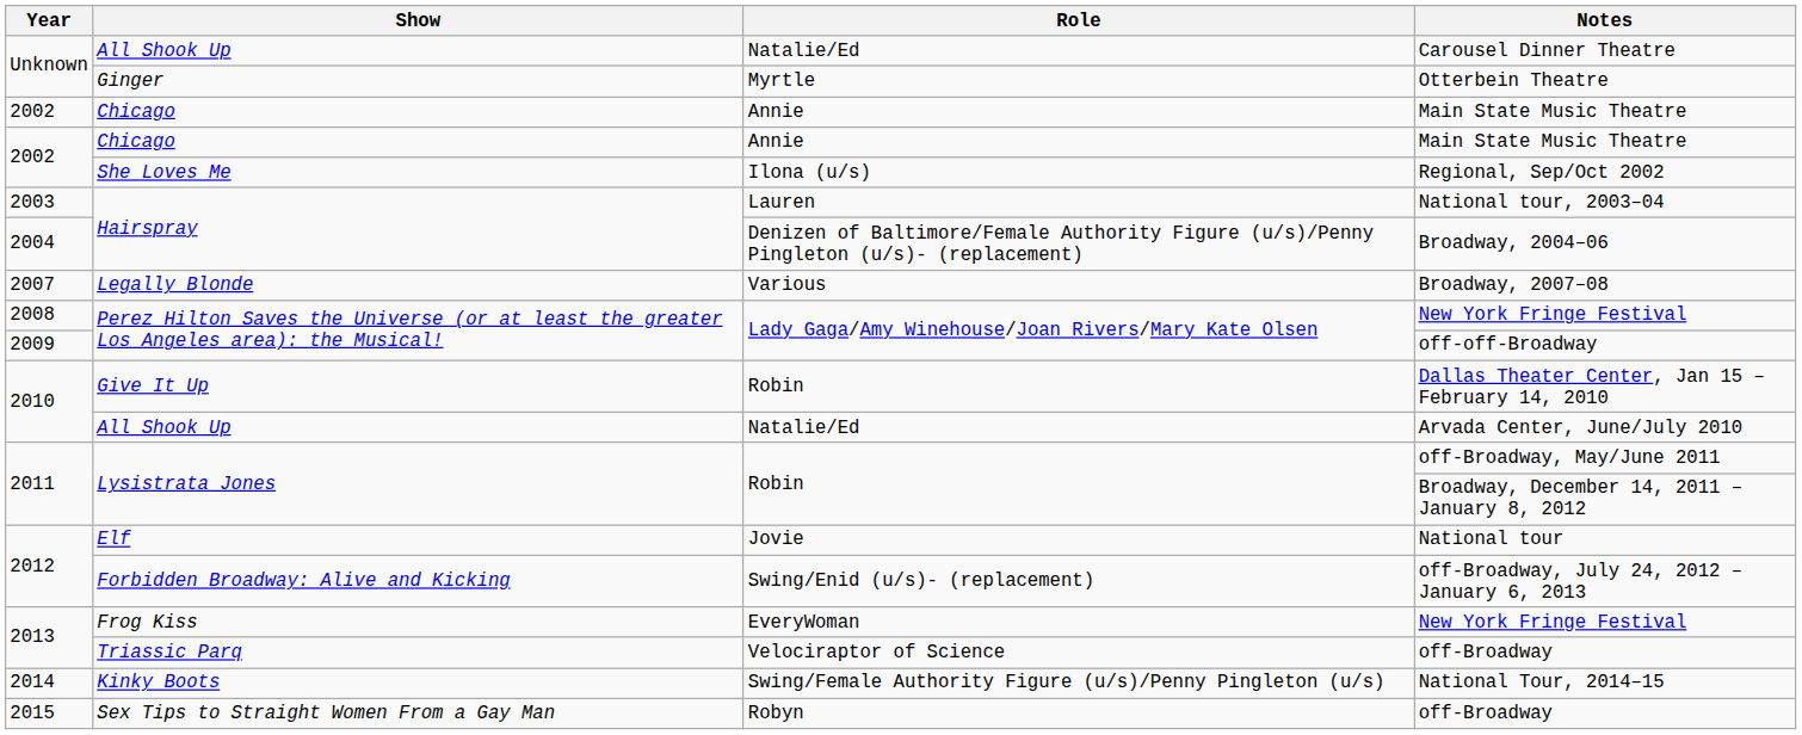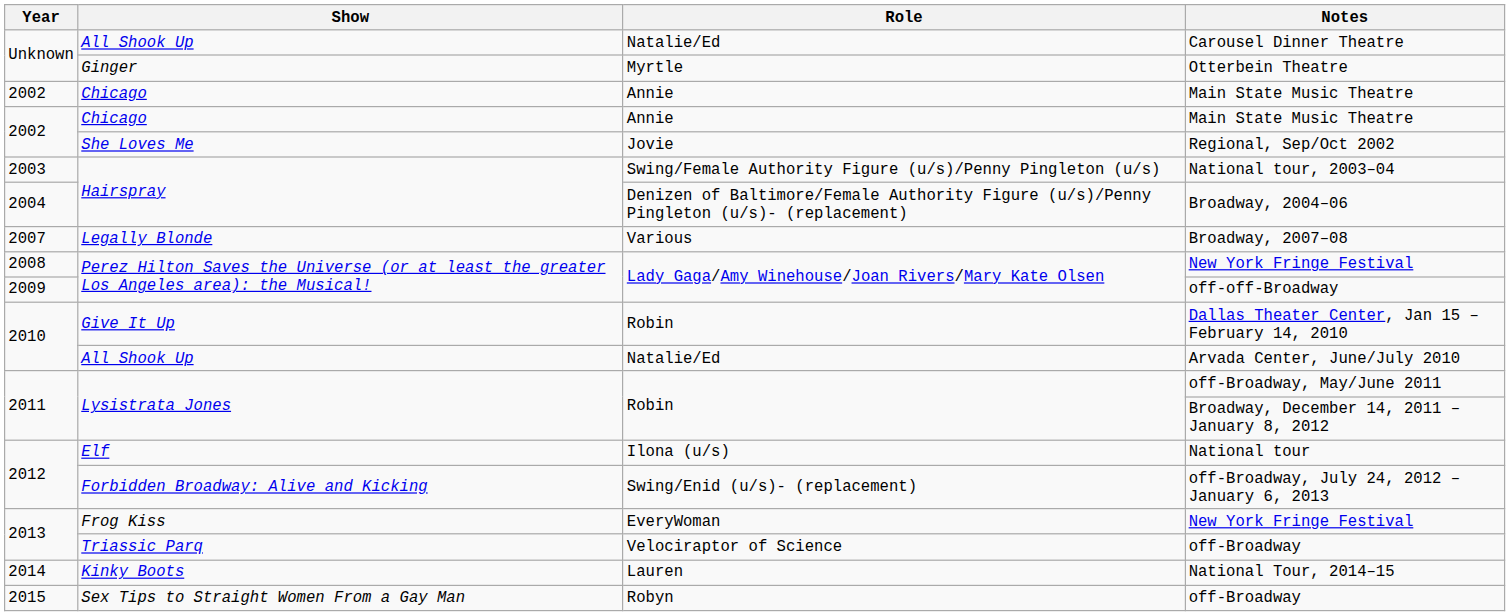 <table class="wikitable">
 <tr>
 <th>Year</th>
 <th>Show</th>
 <th>Role</th>
 <th>Notes</th>
 </tr>
 <tr>
 <td rowspan="2">Unknown</td>
 <td><em><a href='#'>All Shook Up</a></em></td>
 <td>Natalie/Ed</td>
 <td>Carousel Dinner Theatre</td>
 </tr>
 <tr>
 <td><em>Ginger</em></td>
 <td>Myrtle</td>
 <td>Otterbein Theatre</td>
 </tr>
 <tr>
 <td>2002</td>
 <td><em><a href='#'>Chicago</a></em></td>
 <td>Annie</td>
 <td>Main State Music Theatre</td>
 </tr>
 <tr>
 <td rowspan="2">2002</td>
 <td><em><a href='#'>Chicago</a></em></td>
 <td>Annie</td>
 <td>Main State Music Theatre</td>
 </tr>
 <tr>
 <td><em><a href='#'>She Loves Me</a></em></td>
-<td>Ilona (u/s)</td>
+<td>Jovie</td>
 <td>Regional, Sep/Oct 2002</td>
 </tr>
 <tr>
 <td>2003</td>
 <td rowspan="2"><em><a href='#'>Hairspray</a></em></td>
-<td>Lauren</td>
+<td>Swing/Female Authority Figure (u/s)/Penny Pingleton (u/s)</td>
 <td>National tour, 2003–04</td>
 </tr>
 <tr>
 <td>2004</td>
 <td>Denizen of Baltimore/Female Authority Figure (u/s)/Penny Pingleton (u/s)- (replacement)</td>
 <td>Broadway, 2004–06</td>
 </tr>
 <tr>
 <td>2007</td>
 <td><em><a href='#'>Legally Blonde</a></em></td>
 <td>Various</td>
 <td>Broadway, 2007–08</td>
 </tr>
 <tr>
 <td>2008</td>
 <td rowspan="2"><em><a href='#'>Perez Hilton Saves the Universe (or at least the greater Los Angeles area): the Musical!</a></em></td>
 <td rowspan="2"><a href='#'>Lady Gaga</a>/<a href='#'>Amy Winehouse</a>/<a href='#'>Joan Rivers</a>/<a href='#'>Mary Kate Olsen</a></td>
 <td><a href='#'>New York Fringe Festival</a></td>
 </tr>
 <tr>
 <td>2009</td>
 <td>off-off-Broadway</td>
 </tr>
 <tr>
 <td rowspan="2">2010</td>
 <td><em><a href='#'>Give It Up</a></em></td>
 <td>Robin</td>
 <td><a href='#'>Dallas Theater Center</a>, Jan 15 – February 14, 2010</td>
 </tr>
 <tr>
 <td><em><a href='#'>All Shook Up</a></em></td>
 <td>Natalie/Ed</td>
 <td>Arvada Center, June/July 2010</td>
 </tr>
 <tr>
 <td rowspan="2">2011</td>
 <td rowspan="2"><em><a href='#'>Lysistrata Jones</a></em></td>
 <td rowspan="2">Robin</td>
 <td>off-Broadway, May/June 2011</td>
 </tr>
 <tr>
 <td>Broadway, December 14, 2011 – January 8, 2012</td>
 </tr>
 <tr>
 <td rowspan="2">2012</td>
 <td><em><a href='#'>Elf</a></em></td>
-<td>Jovie</td>
+<td>Ilona (u/s)</td>
 <td>National tour</td>
 </tr>
 <tr>
 <td><em><a href='#'>Forbidden Broadway: Alive and Kicking</a></em></td>
 <td>Swing/Enid (u/s)- (replacement)</td>
 <td>off-Broadway, July 24, 2012 – January 6, 2013</td>
 </tr>
 <tr>
 <td rowspan="2">2013</td>
 <td><em>Frog Kiss</em></td>
 <td>EveryWoman</td>
 <td><a href='#'>New York Fringe Festival</a></td>
 </tr>
 <tr>
 <td><em><a href='#'>Triassic Parq</a></em></td>
 <td>Velociraptor of Science</td>
 <td>off-Broadway</td>
 </tr>
 <tr>
 <td>2014</td>
 <td><em><a href='#'>Kinky Boots</a></em></td>
-<td>Swing/Female Authority Figure (u/s)/Penny Pingleton (u/s)</td>
+<td>Lauren</td>
 <td>National Tour, 2014–15</td>
 </tr>
 <tr>
 <td>2015</td>
 <td><em>Sex Tips to Straight Women From a Gay Man</em></td>
 <td>Robyn</td>
 <td>off-Broadway</td>
 </tr>
 </table>
